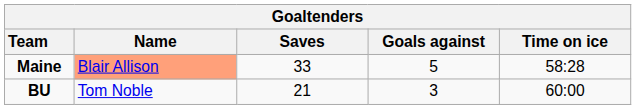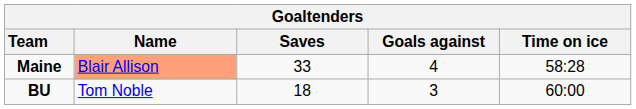 <table class="wikitable" style="width:40em; text-align:right;">
 <tr>
 <th colspan=5>Goaltenders</th>
 </tr>
 <tr>
 <th style="width:4em; text-align:left;">Team</th>
 <th style="width:10em;">Name</th>
 <th style="width:8em;">Saves</th>
 <th style="width:8em;">Goals against</th>
 <th style="width:8em;">Time on ice</th>
 </tr>
 <tr>
 <td align=center><strong>Maine</strong></td>
 <td style="background: lightsalmon; text-align:left;"><a href='#'>Blair Allison</a></td>
 <td align=center>33</td>
-<td align=center>5</td>
+<td align=center>4</td>
 <td align=center>58:28</td>
 </tr>
 <tr>
 <td align=center><strong>BU</strong></td>
 <td style="text-align:left;"><a href='#'>Tom Noble</a></td>
-<td align=center>21</td>
+<td align=center>18</td>
 <td align=center>3</td>
 <td align=center>60:00</td>
 </tr>
 </table>
